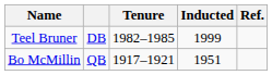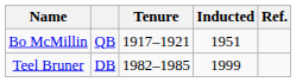 <table class="wikitable" style="text-align:center">
 <tr>
 <th width=px>Name</th>
 <th width=px></th>
 <th width=px>Tenure</th>
 <th width=px>Inducted</th>
 <th width=px>Ref.</th>
 </tr>
 <tr>
+<td><a href='#'>Bo McMillin</a></td>
+<td><a href='#'>QB</a></td>
+<td>1917–1921 </td>
+<td>1951</td>
+<td></td>
+</tr>
+<tr>
 <td><a href='#'>Teel Bruner</a></td>
 <td><a href='#'>DB</a></td>
 <td>1982–1985</td>
 <td>1999</td>
 <td></td>
 </tr>
-<tr>
-<td><a href='#'>Bo McMillin</a></td>
-<td><a href='#'>QB</a></td>
-<td>1917–1921 </td>
-<td>1951</td>
-<td></td>
-</tr>
 </table>
